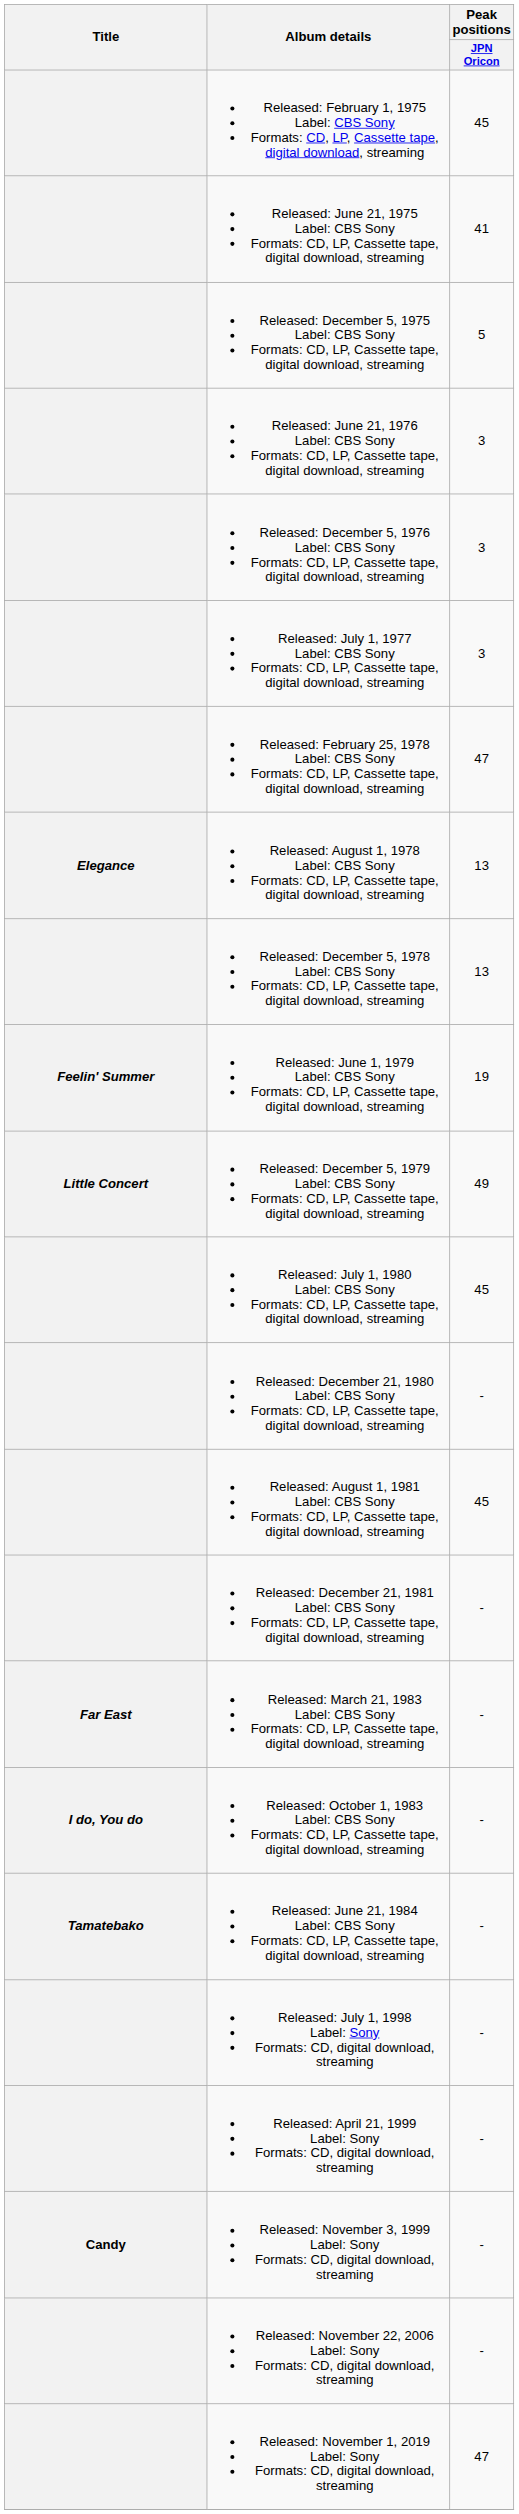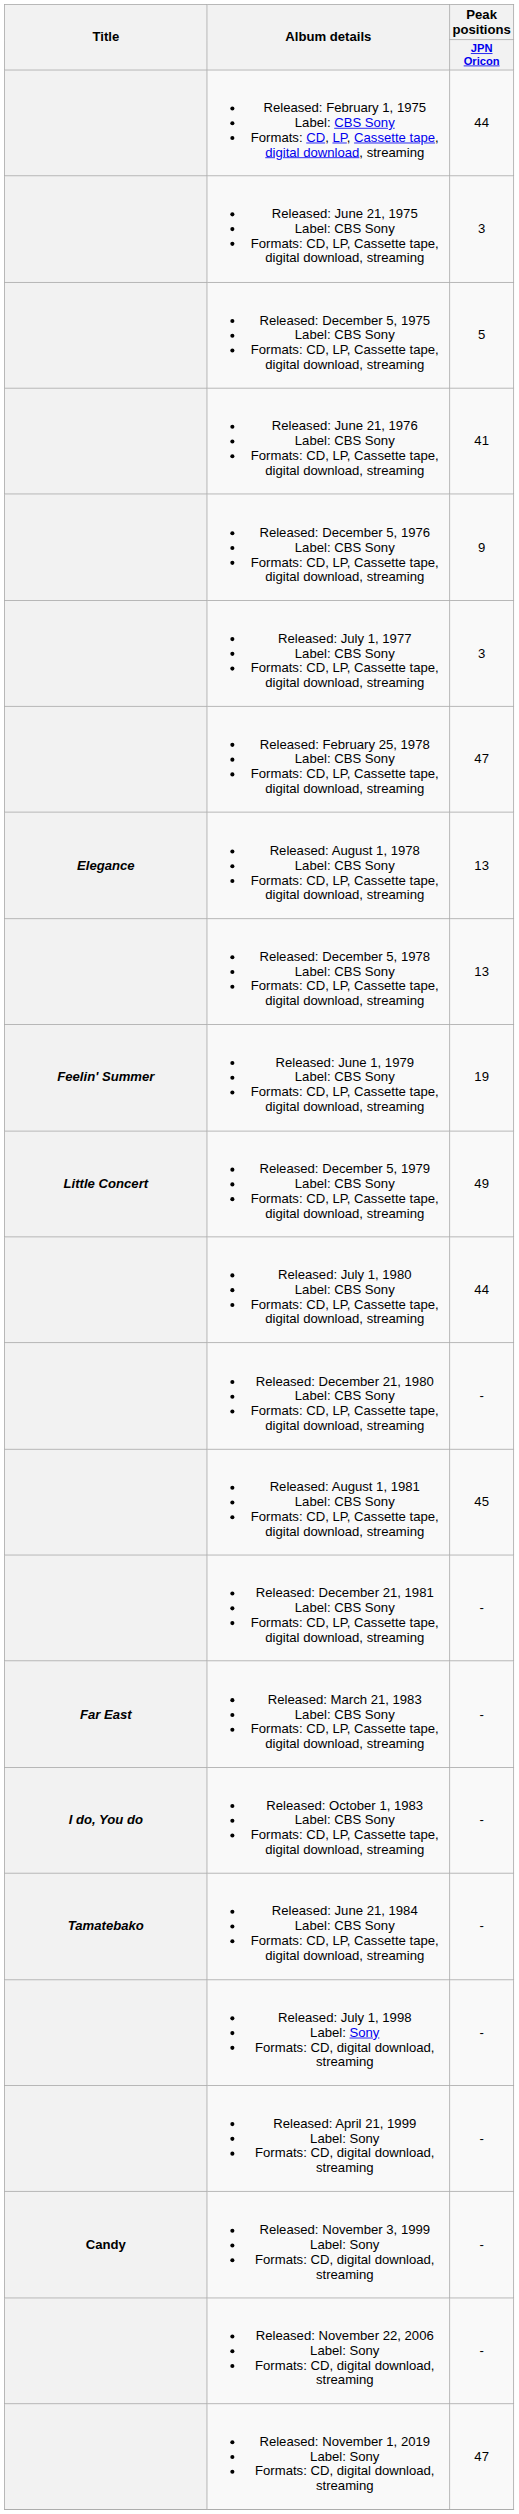 <table class="wikitable plainrowheaders" style="text-align:center;">
 <tr>
 <th style="width:15em;" rowspan="2">Title</th>
 <th style="width:18em;" rowspan="2">Album details</th>
 <th colspan="1">Peak positions</th>
 </tr>
 <tr>
 <th style="width:3em;font-size:85%"><a href='#'>JPN<br>Oricon</a><br></th>
 </tr>
 <tr>
 <th scope="row"></th>
 <td><br><ul><li>Released: February 1, 1975</li><li>Label: <a href='#'>CBS Sony</a></li><li>Formats: <a href='#'>CD</a>, <a href='#'>LP</a>, <a href='#'>Cassette tape</a>, <a href='#'>digital download</a>, streaming</li></ul></td>
-<td>45</td>
+<td>44</td>
 </tr>
 <tr>
 <th scope="row"></th>
 <td><br><ul><li>Released: June 21, 1975</li><li>Label: CBS Sony</li><li>Formats: CD, LP, Cassette tape, digital download, streaming</li></ul></td>
-<td>41</td>
+<td>3</td>
 </tr>
 <tr>
 <th scope="row"></th>
 <td><br><ul><li>Released: December 5, 1975</li><li>Label: CBS Sony</li><li>Formats: CD, LP, Cassette tape, digital download, streaming</li></ul></td>
 <td>5</td>
 </tr>
 <tr>
 <th scope="row"></th>
 <td><br><ul><li>Released: June 21, 1976</li><li>Label: CBS Sony</li><li>Formats: CD, LP, Cassette tape, digital download, streaming</li></ul></td>
-<td>3</td>
+<td>41</td>
 </tr>
 <tr>
 <th scope="row"></th>
 <td><br><ul><li>Released: December 5, 1976</li><li>Label: CBS Sony</li><li>Formats: CD, LP, Cassette tape, digital download, streaming</li></ul></td>
-<td>3</td>
+<td>9</td>
 </tr>
 <tr>
 <th scope="row"></th>
 <td><br><ul><li>Released: July 1, 1977</li><li>Label: CBS Sony</li><li>Formats: CD, LP, Cassette tape, digital download, streaming</li></ul></td>
 <td>3</td>
 </tr>
 <tr>
 <th scope="row"></th>
 <td><br><ul><li>Released: February 25, 1978</li><li>Label: CBS Sony</li><li>Formats: CD, LP, Cassette tape, digital download, streaming</li></ul></td>
 <td>47</td>
 </tr>
 <tr>
 <th scope="row"><em>Elegance</em></th>
 <td><br><ul><li>Released: August 1, 1978</li><li>Label: CBS Sony</li><li>Formats: CD, LP, Cassette tape, digital download, streaming</li></ul></td>
 <td>13</td>
 </tr>
 <tr>
 <th scope="row"></th>
 <td><br><ul><li>Released: December 5, 1978</li><li>Label: CBS Sony</li><li>Formats: CD, LP, Cassette tape, digital download, streaming</li></ul></td>
 <td>13</td>
 </tr>
 <tr>
 <th scope="row"><em>Feelin' Summer</em></th>
 <td><br><ul><li>Released: June 1, 1979</li><li>Label: CBS Sony</li><li>Formats: CD, LP, Cassette tape, digital download, streaming</li></ul></td>
 <td>19</td>
 </tr>
 <tr>
 <th scope="row"><em>Little Concert</em></th>
 <td><br><ul><li>Released: December 5, 1979</li><li>Label: CBS Sony</li><li>Formats: CD, LP, Cassette tape, digital download, streaming</li></ul></td>
 <td>49</td>
 </tr>
 <tr>
 <th scope="row"></th>
 <td><br><ul><li>Released: July 1, 1980</li><li>Label: CBS Sony</li><li>Formats: CD, LP, Cassette tape, digital download, streaming</li></ul></td>
-<td>45</td>
+<td>44</td>
 </tr>
 <tr>
 <th scope="row"></th>
 <td><br><ul><li>Released: December 21, 1980</li><li>Label: CBS Sony</li><li>Formats: CD, LP, Cassette tape, digital download, streaming</li></ul></td>
 <td>-</td>
 </tr>
 <tr>
 <th scope="row"></th>
 <td><br><ul><li>Released: August 1, 1981</li><li>Label: CBS Sony</li><li>Formats: CD, LP, Cassette tape, digital download, streaming</li></ul></td>
 <td>45</td>
 </tr>
 <tr>
 <th scope="row"></th>
 <td><br><ul><li>Released: December 21, 1981</li><li>Label: CBS Sony</li><li>Formats: CD, LP, Cassette tape, digital download, streaming</li></ul></td>
 <td>-</td>
 </tr>
 <tr>
 <th scope="row"><em>Far East</em></th>
 <td><br><ul><li>Released: March 21, 1983</li><li>Label: CBS Sony</li><li>Formats: CD, LP, Cassette tape, digital download, streaming</li></ul></td>
 <td>-</td>
 </tr>
 <tr>
 <th scope="row"><em>I do, You do</em></th>
 <td><br><ul><li>Released: October 1, 1983</li><li>Label: CBS Sony</li><li>Formats: CD, LP, Cassette tape, digital download, streaming</li></ul></td>
 <td>-</td>
 </tr>
 <tr>
 <th scope="row"><em>Tamatebako</em></th>
 <td><br><ul><li>Released: June 21, 1984</li><li>Label: CBS Sony</li><li>Formats: CD, LP, Cassette tape, digital download, streaming</li></ul></td>
 <td>-</td>
 </tr>
 <tr>
 <th scope="row"></th>
 <td><br><ul><li>Released: July 1, 1998</li><li>Label: <a href='#'>Sony</a></li><li>Formats: CD, digital download, streaming</li></ul></td>
 <td>-</td>
 </tr>
 <tr>
 <th scope="row"></th>
 <td><br><ul><li>Released: April 21, 1999</li><li>Label: Sony</li><li>Formats: CD, digital download, streaming</li></ul></td>
 <td>-</td>
 </tr>
 <tr>
 <th scope="row">Candy</th>
 <td><br><ul><li>Released: November 3, 1999</li><li>Label: Sony</li><li>Formats: CD, digital download, streaming</li></ul></td>
 <td>-</td>
 </tr>
 <tr>
 <th scope="row"></th>
 <td><br><ul><li>Released: November 22, 2006</li><li>Label: Sony</li><li>Formats: CD, digital download, streaming</li></ul></td>
 <td>-</td>
 </tr>
 <tr>
 <th scope="row"></th>
 <td><br><ul><li>Released: November 1, 2019</li><li>Label: Sony</li><li>Formats: CD, digital download, streaming</li></ul></td>
 <td>47</td>
 </tr>
 <tr>
 </tr>
 </table>
